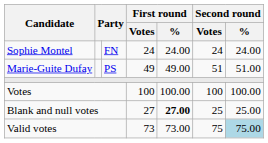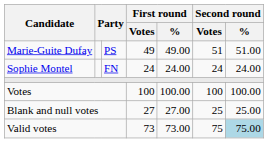 <table class="wikitable" style="font-size:95%;text-align:right;">
 <tr>
 <th rowspan="2">Candidate</th>
 <th colspan="2" rowspan="2">Party</th>
 <th colspan="2">First round</th>
 <th colspan="2">Second round</th>
 </tr>
 <tr>
 <th>Votes</th>
 <th>%</th>
 <th>Votes</th>
 <th>%</th>
 </tr>
 <tr>
+<td style="text-align:left;"><a href='#'>Marie-Guite Dufay</a></td>
+<td style="background:"></td>
+<td style="text-align:left;"><a href='#'>PS</a></td>
+<td>49</td>
+<td>49.00</td>
+<td>51</td>
+<td>51.00</td>
+</tr>
+<tr>
 <td style="text-align:left;"><a href='#'>Sophie Montel</a></td>
 <td style="background:"></td>
 <td style="text-align:left;"><a href='#'>FN</a></td>
 <td>24</td>
 <td>24.00</td>
 <td>24</td>
 <td>24.00</td>
-</tr>
-<tr>
-<td style="text-align:left;"><a href='#'>Marie-Guite Dufay</a></td>
-<td style="background:"></td>
-<td style="text-align:left;"><a href='#'>PS</a></td>
-<td>49</td>
-<td>49.00</td>
-<td>51</td>
-<td>51.00</td>
 </tr>
 <tr>
 <td style="background-color:#E9E9E9;" colspan="7"></td>
 </tr>
 <tr>
 <td style="text-align:left;" colspan="3">Votes</td>
 <td>100</td>
 <td>100.00</td>
 <td>100</td>
 <td>100.00</td>
 </tr>
 <tr>
 <td style="text-align:left;" colspan="3">Blank and null votes</td>
 <td>27</td>
-<td><strong>27.00</strong></td>
+<td>27.00</td>
 <td>25</td>
 <td>25.00</td>
 </tr>
 <tr>
 <td style="text-align:left;" colspan="3">Valid votes</td>
 <td>73</td>
 <td>73.00</td>
 <td>75</td>
 <td style="background: lightblue;">75.00</td>
 </tr>
 </table>
